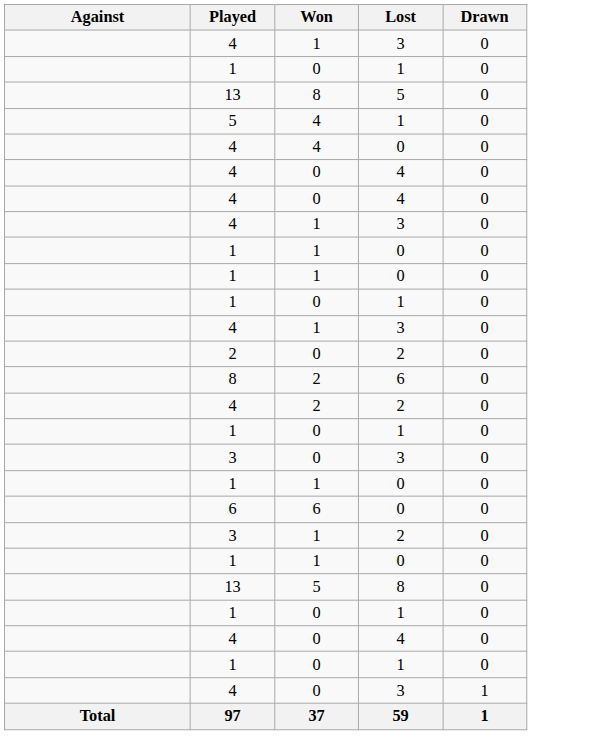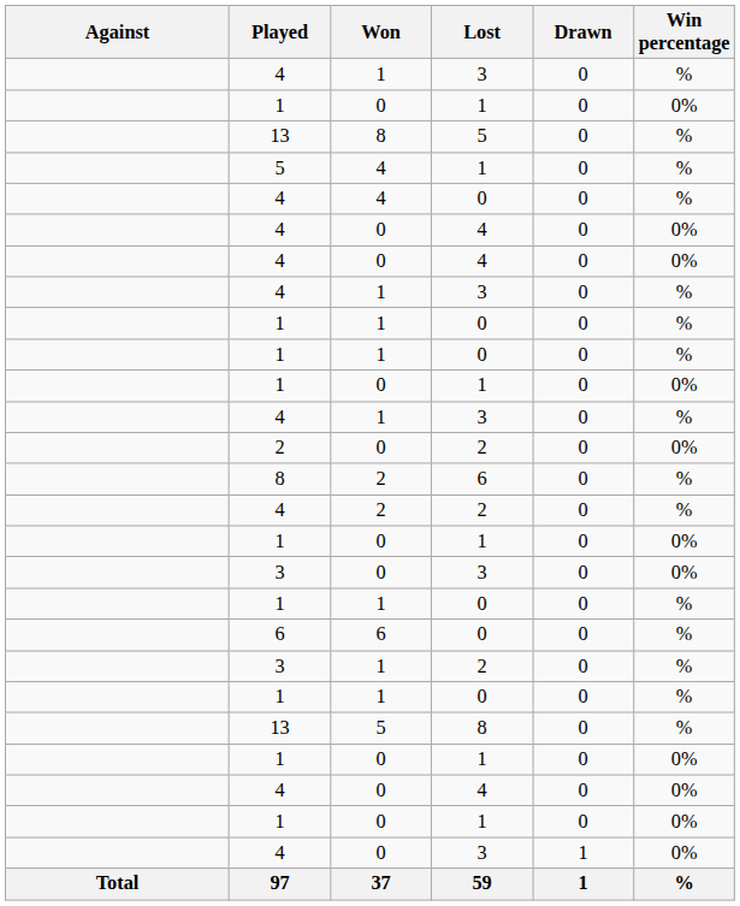 <table class="wikitable sortable" style="border:1px solid #CCCCCC">
 <tr>
 <th align="left" width="175" bgcolor="#CCCCCC">Against</th>
 <th align="center" width="75" bgcolor="#CCCCCC">Played</th>
 <th align="center" width="75" bgcolor="#CCCCCC">Won</th>
 <th align="center" width="75" bgcolor="#CCCCCC">Lost</th>
 <th align="center" width="75" bgcolor="#CCCCCC">Drawn</th>
+<th align="center" width="75" bgcolor="#CCCCCC">Win percentage</th>
 </tr>
 <tr style="text-align:center">
 <td align="left"></td>
 <td>4</td>
 <td>1</td>
 <td>3</td>
 <td>0</td>
+<td>%</td>
 </tr>
 <tr style="text-align:center">
 <td align="left"></td>
 <td>1</td>
 <td>0</td>
 <td>1</td>
 <td>0</td>
+<td>0%</td>
 </tr>
 <tr style="text-align:center">
 <td align="left"></td>
 <td>13</td>
 <td>8</td>
 <td>5</td>
 <td>0</td>
+<td>%</td>
 </tr>
 <tr style="text-align:center">
 <td align="left"></td>
 <td>5</td>
 <td>4</td>
 <td>1</td>
 <td>0</td>
+<td>%</td>
 </tr>
 <tr style="text-align:center">
 <td align="left"></td>
 <td>4</td>
 <td>4</td>
 <td>0</td>
 <td>0</td>
+<td>%</td>
 </tr>
 <tr style="text-align:center">
 <td align="left"></td>
 <td>4</td>
 <td>0</td>
 <td>4</td>
 <td>0</td>
+<td>0%</td>
 </tr>
 <tr style="text-align:center">
 <td align="left"></td>
 <td>4</td>
 <td>0</td>
 <td>4</td>
 <td>0</td>
+<td>0%</td>
 </tr>
 <tr style="text-align:center">
 <td align="left"></td>
 <td>4</td>
 <td>1</td>
 <td>3</td>
 <td>0</td>
+<td>%</td>
 </tr>
 <tr style="text-align:center">
 <td align="left"></td>
 <td>1</td>
 <td>1</td>
 <td>0</td>
 <td>0</td>
+<td>%</td>
 </tr>
 <tr style="text-align:center">
 <td align="left"></td>
 <td>1</td>
 <td>1</td>
 <td>0</td>
 <td>0</td>
+<td>%</td>
 </tr>
 <tr style="text-align:center">
 <td align="left"></td>
 <td>1</td>
 <td>0</td>
 <td>1</td>
 <td>0</td>
+<td>0%</td>
 </tr>
 <tr style="text-align:center">
 <td align="left"></td>
 <td>4</td>
 <td>1</td>
 <td>3</td>
 <td>0</td>
+<td>%</td>
 </tr>
 <tr style="text-align:center">
 <td align="left"></td>
 <td>2</td>
 <td>0</td>
 <td>2</td>
 <td>0</td>
+<td>0%</td>
 </tr>
 <tr style="text-align:center">
 <td align="left"></td>
 <td>8</td>
 <td>2</td>
 <td>6</td>
 <td>0</td>
+<td>%</td>
 </tr>
 <tr style="text-align:center">
 <td align="left"></td>
 <td>4</td>
 <td>2</td>
 <td>2</td>
 <td>0</td>
+<td>%</td>
 </tr>
 <tr style="text-align:center">
 <td align="left"></td>
 <td>1</td>
 <td>0</td>
 <td>1</td>
 <td>0</td>
+<td>0%</td>
 </tr>
 <tr style="text-align:center">
 <td align="left"></td>
 <td>3</td>
 <td>0</td>
 <td>3</td>
 <td>0</td>
+<td>0%</td>
 </tr>
 <tr style="text-align:center">
 <td align="left"></td>
 <td>1</td>
 <td>1</td>
 <td>0</td>
 <td>0</td>
+<td>%</td>
 </tr>
 <tr style="text-align:center">
 <td align="left"></td>
 <td>6</td>
 <td>6</td>
 <td>0</td>
 <td>0</td>
+<td>%</td>
 </tr>
 <tr style="text-align:center">
 <td align="left"></td>
 <td>3</td>
 <td>1</td>
 <td>2</td>
 <td>0</td>
+<td>%</td>
 </tr>
 <tr style="text-align:center">
 <td align="left"></td>
 <td>1</td>
 <td>1</td>
 <td>0</td>
 <td>0</td>
+<td>%</td>
 </tr>
 <tr style="text-align:center">
 <td align="left"></td>
 <td>13</td>
 <td>5</td>
 <td>8</td>
 <td>0</td>
+<td>%</td>
 </tr>
 <tr style="text-align:center">
 <td align="left"></td>
 <td>1</td>
 <td>0</td>
 <td>1</td>
 <td>0</td>
+<td>0%</td>
 </tr>
 <tr style="text-align:center">
 <td align="left"></td>
 <td>4</td>
 <td>0</td>
 <td>4</td>
 <td>0</td>
+<td>0%</td>
 </tr>
 <tr style="text-align:center">
 <td align="left"></td>
 <td>1</td>
 <td>0</td>
 <td>1</td>
 <td>0</td>
+<td>0%</td>
 </tr>
 <tr style="text-align:center">
 <td align="left"></td>
 <td>4</td>
 <td>0</td>
 <td>3</td>
 <td>1</td>
+<td>0%</td>
 </tr>
 <tr style="text-align:center;">
 <th>Total</th>
 <th><strong>97</strong></th>
 <th><strong>37</strong></th>
 <th><strong>59</strong></th>
 <th><strong>1</strong></th>
+<th><strong>%</strong></th>
 </tr>
 </table>
